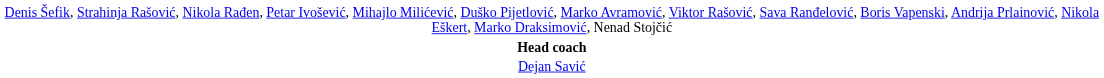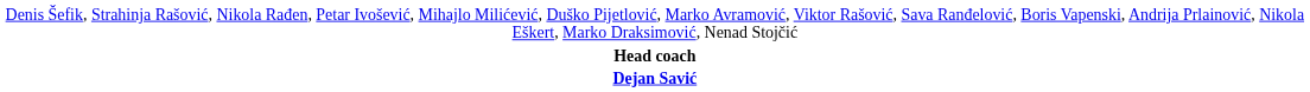 <table style="text-align: center; margin-top: 2em; margin-left: auto; margin-right: auto">
 <tr>
 <td><a href='#'>Denis Šefik</a>, <a href='#'>Strahinja Rašović</a>, <a href='#'>Nikola Rađen</a>, <a href='#'>Petar Ivošević</a>, <a href='#'>Mihajlo Milićević</a>, <a href='#'>Duško Pijetlović</a>, <a href='#'>Marko Avramović</a>, <a href='#'>Viktor Rašović</a>, <a href='#'>Sava Ranđelović</a>, <a href='#'>Boris Vapenski</a>, <a href='#'>Andrija Prlainović</a>, <a href='#'>Nikola Eškert</a>, <a href='#'>Marko Draksimović</a>, Nenad Stojčić</td>
 </tr>
 <tr>
 <td><strong>Head coach</strong></td>
 </tr>
 <tr>
-<td><a href='#'>Dejan Savić</a></td>
+<td><strong><a href='#'>Dejan Savić</a></strong></td>
 </tr>
 </table>
